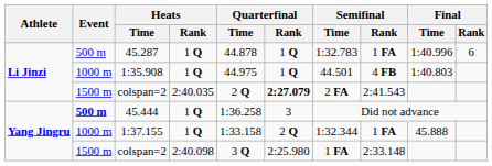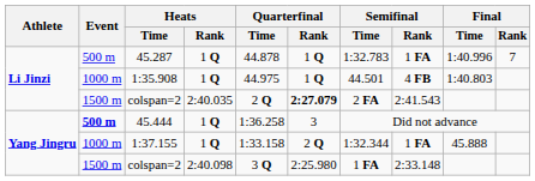 <table class="wikitable" style="font-size:90%">
 <tr>
 <th rowspan=2>Athlete</th>
 <th rowspan=2>Event</th>
 <th colspan=2>Heats</th>
 <th colspan=2>Quarterfinal</th>
 <th colspan=2>Semifinal</th>
 <th colspan=2>Final</th>
 </tr>
 <tr style="font-size:95%">
 <th>Time</th>
 <th>Rank</th>
 <th>Time</th>
 <th>Rank</th>
 <th>Time</th>
 <th>Rank</th>
 <th>Time</th>
 <th>Rank</th>
 </tr>
 <tr align=center>
 <td align=left rowspan=3><strong><a href='#'>Li Jinzi</a></strong></td>
 <td align=left><a href='#'>500 m</a></td>
 <td>45.287</td>
 <td>1 <strong>Q</strong></td>
 <td>44.878</td>
 <td>1 <strong>Q</strong></td>
 <td>1:32.783</td>
 <td>1 <strong>FA</strong></td>
 <td>1:40.996</td>
-<td>6</td>
+<td>7</td>
 </tr>
 <tr align=center>
 <td align=left><a href='#'>1000 m</a></td>
 <td>1:35.908</td>
 <td>1 <strong>Q</strong></td>
 <td>44.975</td>
 <td>1 <strong>Q</strong></td>
 <td>44.501</td>
 <td>4 <strong>FB</strong></td>
 <td>1:40.803</td>
 <td></td>
 </tr>
 <tr align=center>
 <td align=left><a href='#'>1500 m</a></td>
 <td>colspan=2</td>
 <td>2:40.035</td>
 <td>2 <strong>Q</strong></td>
 <td><strong>2:27.079</strong></td>
 <td>2 <strong>FA</strong></td>
 <td>2:41.543</td>
 <td></td>
 </tr>
 <tr align=center>
 <td align=left rowspan=3><strong><a href='#'>Yang Jingru</a></strong></td>
 <td align=left><strong><a href='#'>500 m</a></strong></td>
 <td>45.444</td>
 <td>1 <strong>Q</strong></td>
 <td>1:36.258</td>
 <td>3</td>
 <td colspan=4>Did not advance</td>
 </tr>
 <tr align=center>
 <td align=left><a href='#'>1000 m</a></td>
 <td>1:37.155</td>
 <td>1 <strong>Q</strong></td>
 <td>1:33.158</td>
 <td>2 <strong>Q</strong></td>
 <td>1:32.344</td>
 <td>1 <strong>FA</strong></td>
 <td>45.888</td>
 <td></td>
 </tr>
 <tr align=center>
 <td align=left><a href='#'>1500 m</a></td>
 <td>colspan=2</td>
 <td>2:40.098</td>
 <td>3 <strong>Q</strong></td>
 <td>2:25.980</td>
 <td>1 <strong>FA</strong></td>
 <td>2:33.148</td>
 <td></td>
 </tr>
 </table>
